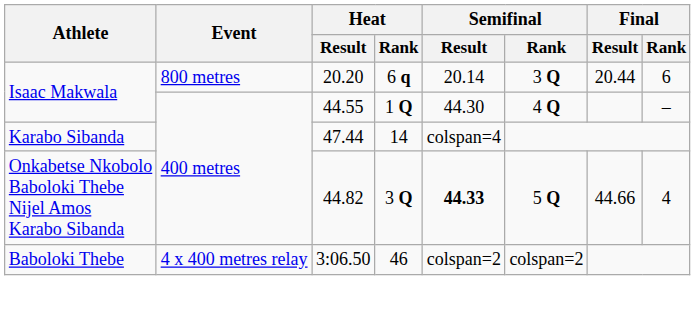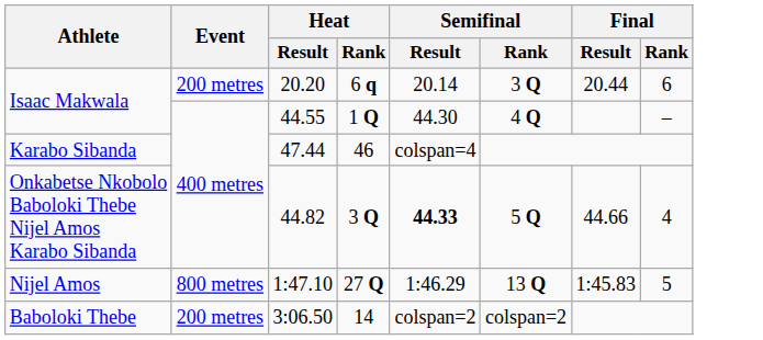 <table class="wikitable" style="font-size:90%">
 <tr>
 <th rowspan="2">Athlete</th>
 <th rowspan="2">Event</th>
 <th colspan="2">Heat</th>
 <th colspan="2">Semifinal</th>
 <th colspan="2">Final</th>
 </tr>
 <tr style="font-size:95%">
 <th>Result</th>
 <th>Rank</th>
 <th>Result</th>
 <th>Rank</th>
 <th>Result</th>
 <th>Rank</th>
 </tr>
 <tr style=text-align:center>
 <td style=text-align:left rowspan=2><a href='#'>Isaac Makwala</a></td>
-<td style=text-align:left><a href='#'>800 metres</a></td>
+<td style=text-align:left><a href='#'>200 metres</a></td>
 <td>20.20</td>
 <td>6 <strong>q</strong></td>
 <td>20.14</td>
 <td>3 <strong>Q</strong></td>
 <td>20.44</td>
 <td>6</td>
 </tr>
 <tr style=text-align:center>
 <td style=text-align:left rowspan=3><a href='#'>400 metres</a></td>
 <td>44.55</td>
 <td>1 <strong>Q</strong></td>
 <td>44.30</td>
 <td>4 <strong>Q</strong></td>
 <td></td>
 <td>–</td>
 </tr>
 <tr style=text-align:center>
 <td style=text-align:left><a href='#'>Karabo Sibanda</a></td>
 <td>47.44</td>
-<td>14</td>
+<td>46</td>
 <td>colspan=4 </td>
 </tr>
 <tr style=text-align:center>
 <td style=text-align:left><a href='#'>Onkabetse Nkobolo</a><br><a href='#'>Baboloki Thebe</a><br><a href='#'>Nijel Amos</a><br><a href='#'>Karabo Sibanda</a></td>
 <td>44.82</td>
 <td>3 <strong>Q</strong></td>
 <td><strong>44.33</strong></td>
 <td>5 <strong>Q</strong></td>
 <td>44.66</td>
 <td>4</td>
 </tr>
 <tr style=text-align:center>
+<td style=text-align:left><a href='#'>Nijel Amos</a></td>
+<td style=text-align:left><a href='#'>800 metres</a></td>
+<td>1:47.10</td>
+<td>27 <strong>Q</strong></td>
+<td>1:46.29</td>
+<td>13 <strong>Q</strong></td>
+<td>1:45.83</td>
+<td>5</td>
+</tr>
+<tr style=text-align:center>
 <td style=text-align:left><a href='#'>Baboloki Thebe</a></td>
-<td style=text-align:left><a href='#'>4 x 400 metres relay</a></td>
+<td style=text-align:left><a href='#'>200 metres</a></td>
 <td>3:06.50</td>
-<td>46</td>
+<td>14</td>
 <td>colspan=2</td>
 <td>colspan=2 </td>
 </tr>
 </table>
